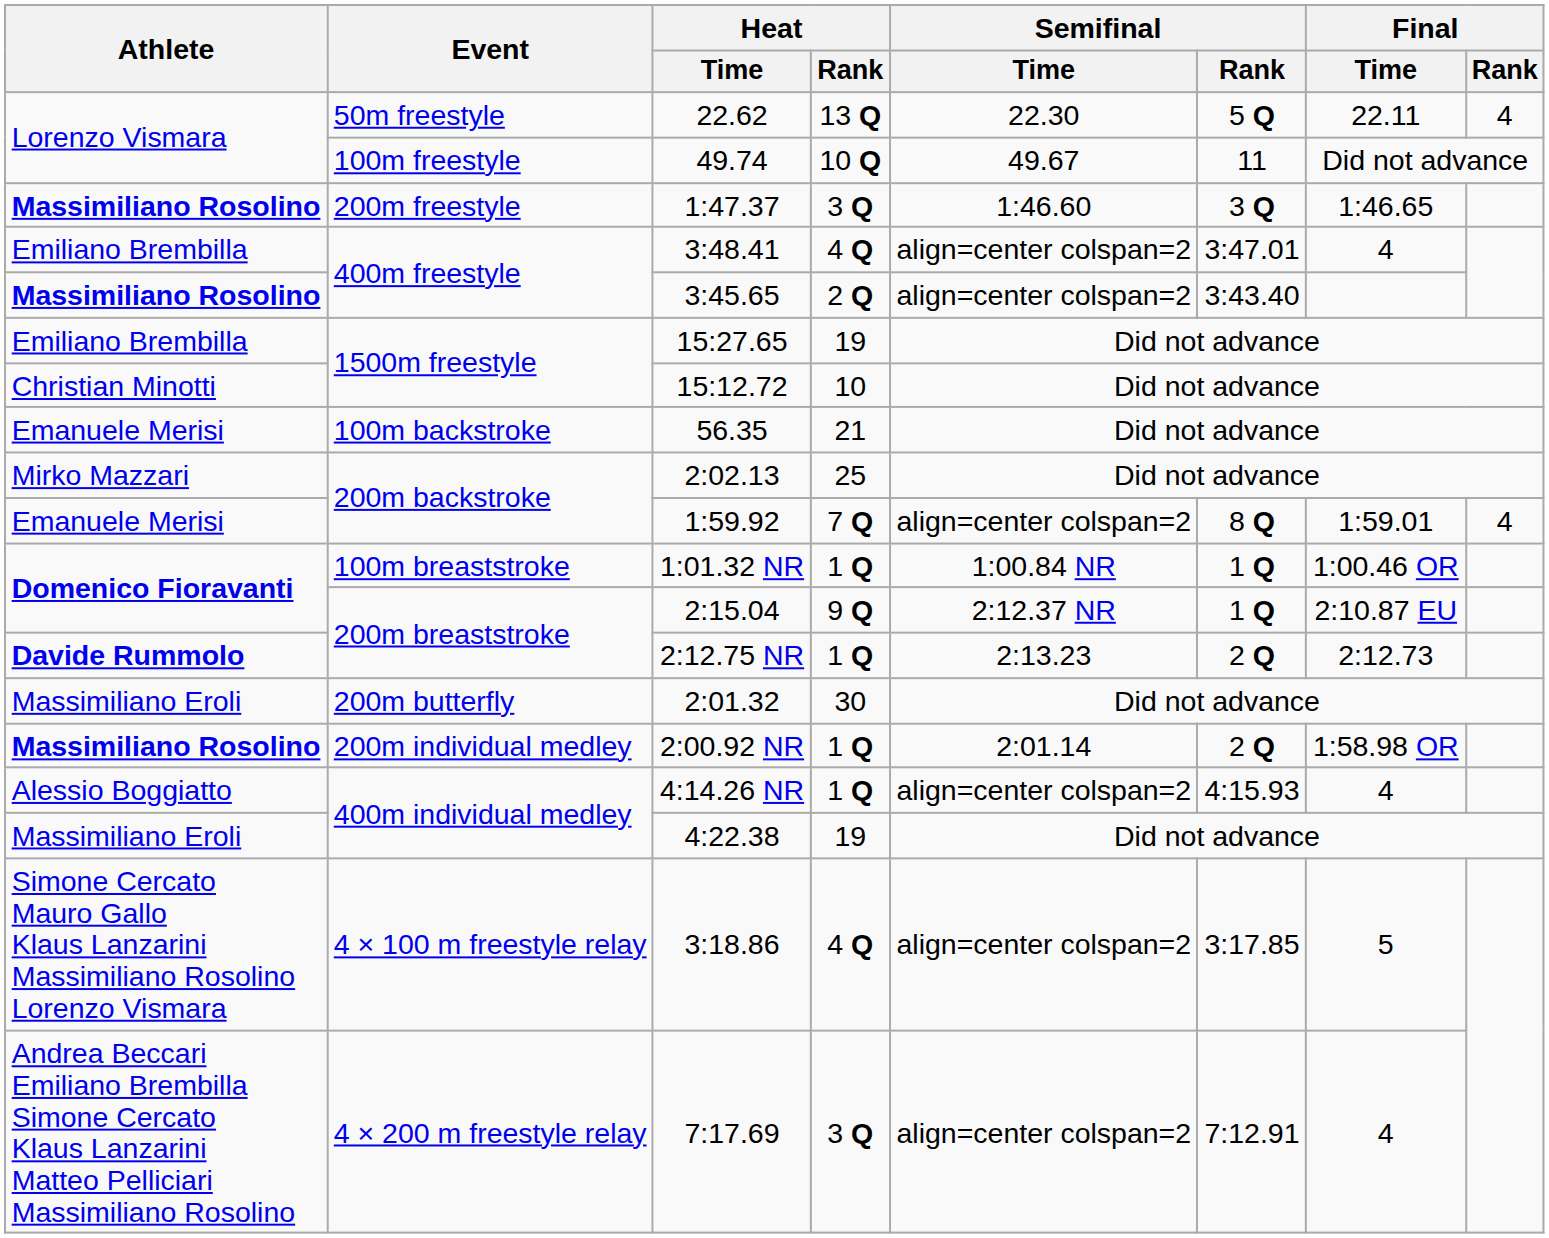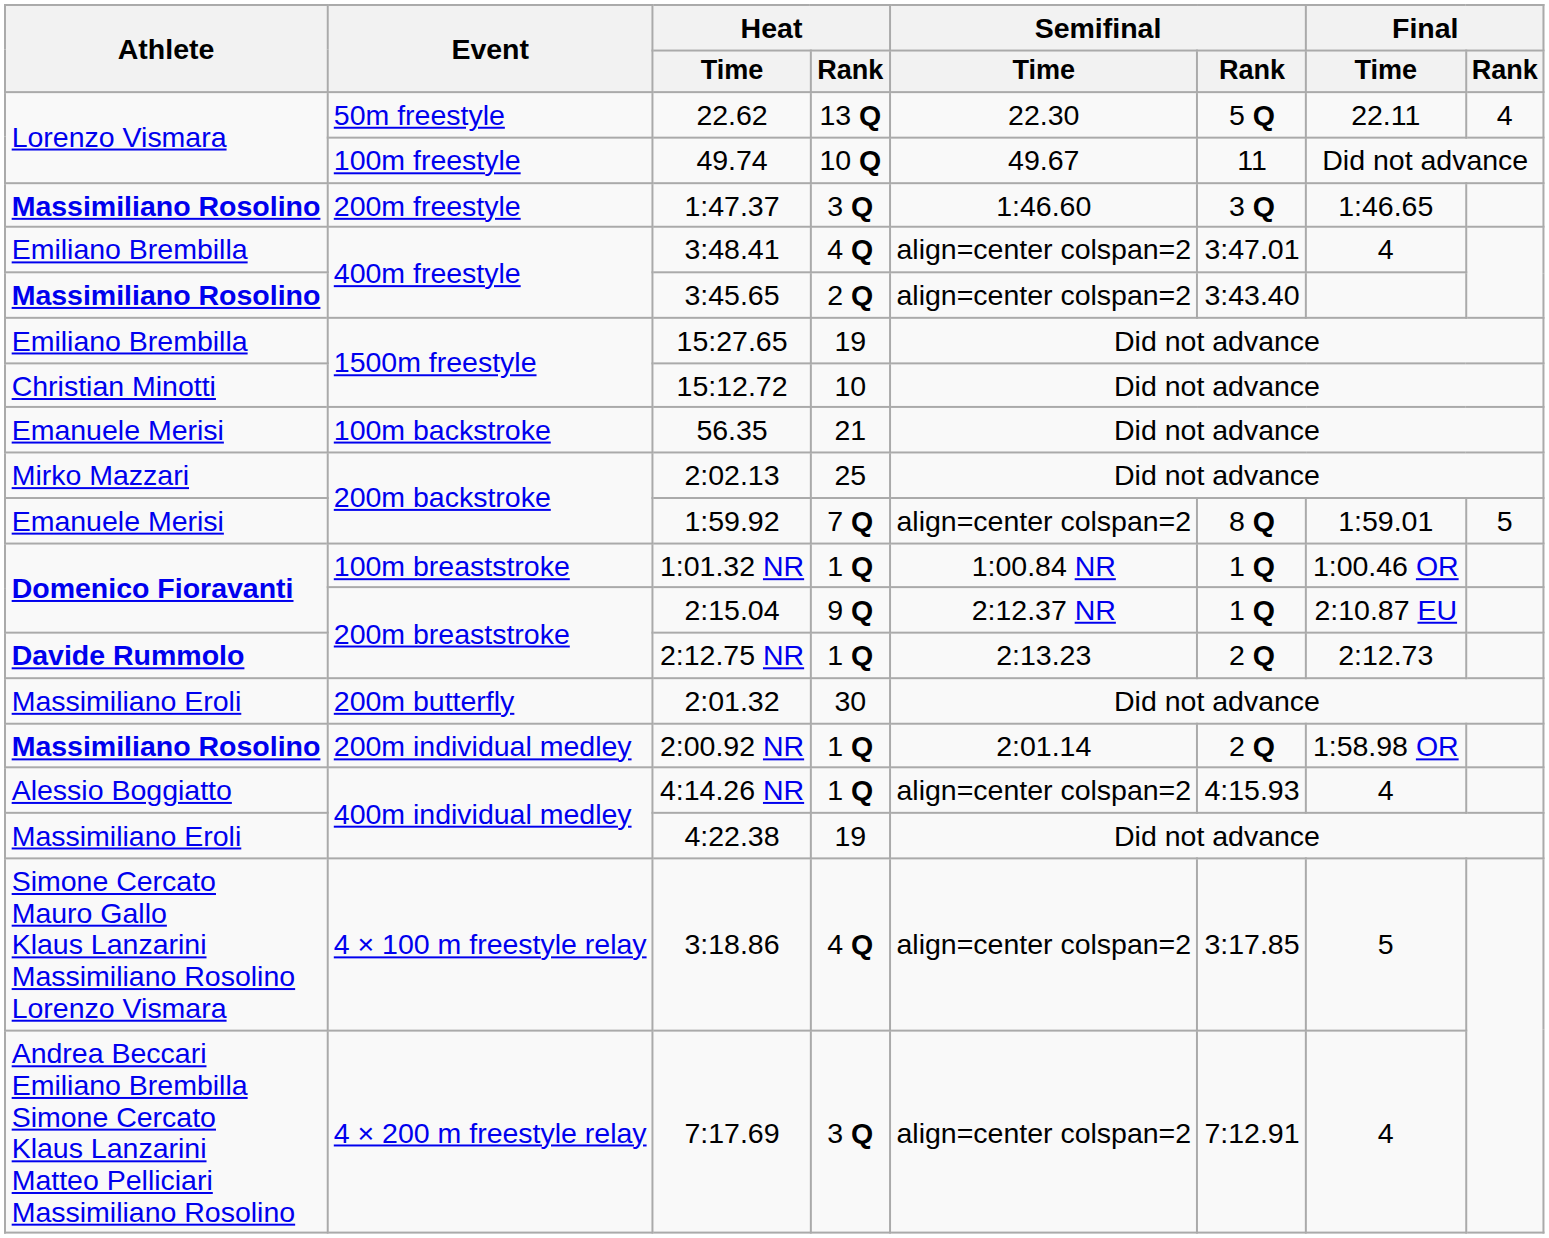 <table class=wikitable style="font-size:90%">
 <tr>
 <th rowspan="2">Athlete</th>
 <th rowspan="2">Event</th>
 <th colspan="2">Heat</th>
 <th colspan="2">Semifinal</th>
 <th colspan="2">Final</th>
 </tr>
 <tr style="font-size:95%">
 <th>Time</th>
 <th>Rank</th>
 <th>Time</th>
 <th>Rank</th>
 <th>Time</th>
 <th>Rank</th>
 </tr>
 <tr>
 <td align=left rowspan=2><a href='#'>Lorenzo Vismara</a></td>
 <td align=left><a href='#'>50m freestyle</a></td>
 <td align=center>22.62</td>
 <td align=center>13 <strong>Q</strong></td>
 <td align=center>22.30</td>
 <td align=center>5 <strong>Q</strong></td>
 <td align=center>22.11</td>
 <td align=center>4</td>
 </tr>
 <tr>
 <td align=left><a href='#'>100m freestyle</a></td>
 <td align=center>49.74</td>
 <td align=center>10 <strong>Q</strong></td>
 <td align=center>49.67</td>
 <td align=center>11</td>
 <td align=center colspan=2>Did not advance</td>
 </tr>
 <tr>
 <td align=left><strong><a href='#'>Massimiliano Rosolino</a></strong></td>
 <td align=left><a href='#'>200m freestyle</a></td>
 <td align=center>1:47.37</td>
 <td align=center>3 <strong>Q</strong></td>
 <td align=center>1:46.60</td>
 <td align=center>3 <strong>Q</strong></td>
 <td align=center>1:46.65</td>
 <td align=center></td>
 </tr>
 <tr>
 <td align=left><a href='#'>Emiliano Brembilla</a></td>
 <td align=left rowspan=2><a href='#'>400m freestyle</a></td>
 <td align=center>3:48.41</td>
 <td align=center>4 <strong>Q</strong></td>
 <td>align=center colspan=2 </td>
 <td align=center>3:47.01</td>
 <td align=center>4</td>
 </tr>
 <tr>
 <td align=left><strong><a href='#'>Massimiliano Rosolino</a></strong></td>
 <td align=center>3:45.65</td>
 <td align=center>2 <strong>Q</strong></td>
 <td>align=center colspan=2 </td>
 <td align=center>3:43.40</td>
 <td align=center></td>
 </tr>
 <tr>
 <td align=left><a href='#'>Emiliano Brembilla</a></td>
 <td align=left rowspan=2><a href='#'>1500m freestyle</a></td>
 <td align=center>15:27.65</td>
 <td align=center>19</td>
 <td align=center colspan=4>Did not advance</td>
 </tr>
 <tr>
 <td align=left><a href='#'>Christian Minotti</a></td>
 <td align=center>15:12.72</td>
 <td align=center>10</td>
 <td align=center colspan=4>Did not advance</td>
 </tr>
 <tr>
 <td align=left><a href='#'>Emanuele Merisi</a></td>
 <td align=left><a href='#'>100m backstroke</a></td>
 <td align=center>56.35</td>
 <td align=center>21</td>
 <td align=center colspan=4>Did not advance</td>
 </tr>
 <tr>
 <td align=left><a href='#'>Mirko Mazzari</a></td>
 <td align=left rowspan=2><a href='#'>200m backstroke</a></td>
 <td align=center>2:02.13</td>
 <td align=center>25</td>
 <td align=center colspan=4>Did not advance</td>
 </tr>
 <tr>
 <td align=left><a href='#'>Emanuele Merisi</a></td>
 <td align=center>1:59.92</td>
 <td align=center>7 <strong>Q</strong></td>
 <td>align=center colspan=2 </td>
 <td align=center>8 <strong>Q</strong></td>
 <td align=center>1:59.01</td>
-<td align=center>4</td>
+<td align=center>5</td>
 </tr>
 <tr>
 <td align=left rowspan=2><strong><a href='#'>Domenico Fioravanti</a></strong></td>
 <td align=left><a href='#'>100m breaststroke</a></td>
 <td align=center>1:01.32 <a href='#'>NR</a></td>
 <td align=center>1 <strong>Q</strong></td>
 <td align=center>1:00.84 <a href='#'>NR</a></td>
 <td align=center>1 <strong>Q</strong></td>
 <td align=center>1:00.46 <a href='#'>OR</a></td>
 <td align=center></td>
 </tr>
 <tr>
 <td align=left rowspan=2><a href='#'>200m breaststroke</a></td>
 <td align=center>2:15.04</td>
 <td align=center>9 <strong>Q</strong></td>
 <td align=center>2:12.37 <a href='#'>NR</a></td>
 <td align=center>1 <strong>Q</strong></td>
 <td align=center>2:10.87 <a href='#'>EU</a></td>
 <td align=center></td>
 </tr>
 <tr>
 <td align=left><strong><a href='#'>Davide Rummolo</a></strong></td>
 <td align=center>2:12.75 <a href='#'>NR</a></td>
 <td align=center>1 <strong>Q</strong></td>
 <td align=center>2:13.23</td>
 <td align=center>2 <strong>Q</strong></td>
 <td align=center>2:12.73</td>
 <td align=center></td>
 </tr>
 <tr>
 <td align=left><a href='#'>Massimiliano Eroli</a></td>
 <td align=left><a href='#'>200m butterfly</a></td>
 <td align=center>2:01.32</td>
 <td align=center>30</td>
 <td align=center colspan=4>Did not advance</td>
 </tr>
 <tr>
 <td align=left><strong><a href='#'>Massimiliano Rosolino</a></strong></td>
 <td align=left><a href='#'>200m individual medley</a></td>
 <td align=center>2:00.92 <a href='#'>NR</a></td>
 <td align=center>1 <strong>Q</strong></td>
 <td align=center>2:01.14</td>
 <td align=center>2 <strong>Q</strong></td>
 <td align=center>1:58.98 <a href='#'>OR</a></td>
 <td align=center></td>
 </tr>
 <tr>
 <td align=left><a href='#'>Alessio Boggiatto</a></td>
 <td align=left rowspan=2><a href='#'>400m individual medley</a></td>
 <td align=center>4:14.26 <a href='#'>NR</a></td>
 <td align=center>1 <strong>Q</strong></td>
 <td>align=center colspan=2 </td>
 <td align=center>4:15.93</td>
 <td align=center>4</td>
 </tr>
 <tr>
 <td align=left><a href='#'>Massimiliano Eroli</a></td>
 <td align=center>4:22.38</td>
 <td align=center>19</td>
 <td align=center colspan=4>Did not advance</td>
 </tr>
 <tr>
 <td align=left><a href='#'>Simone Cercato</a><br> <a href='#'>Mauro Gallo</a><br> <a href='#'>Klaus Lanzarini</a><br> <a href='#'>Massimiliano Rosolino</a><br> <a href='#'>Lorenzo Vismara</a></td>
 <td align=left><a href='#'>4 × 100 m freestyle relay</a></td>
 <td align=center>3:18.86</td>
 <td align=center>4 <strong>Q</strong></td>
 <td>align=center colspan=2 </td>
 <td align=center>3:17.85</td>
 <td align=center>5</td>
 </tr>
 <tr>
 <td align=left><a href='#'>Andrea Beccari</a><br> <a href='#'>Emiliano Brembilla</a><br> <a href='#'>Simone Cercato</a><br> <a href='#'>Klaus Lanzarini</a><br> <a href='#'>Matteo Pelliciari</a><br> <a href='#'>Massimiliano Rosolino</a></td>
 <td align=left><a href='#'>4 × 200 m freestyle relay</a></td>
 <td align=center>7:17.69</td>
 <td align=center>3 <strong>Q</strong></td>
 <td>align=center colspan=2 </td>
 <td align=center>7:12.91</td>
 <td align=center>4</td>
 </tr>
 </table>
